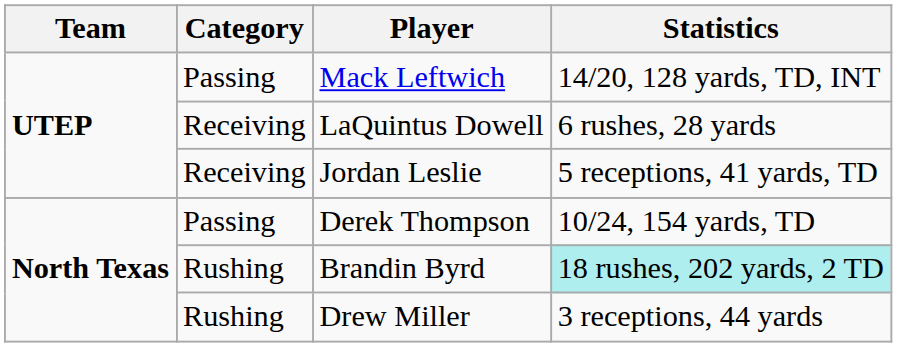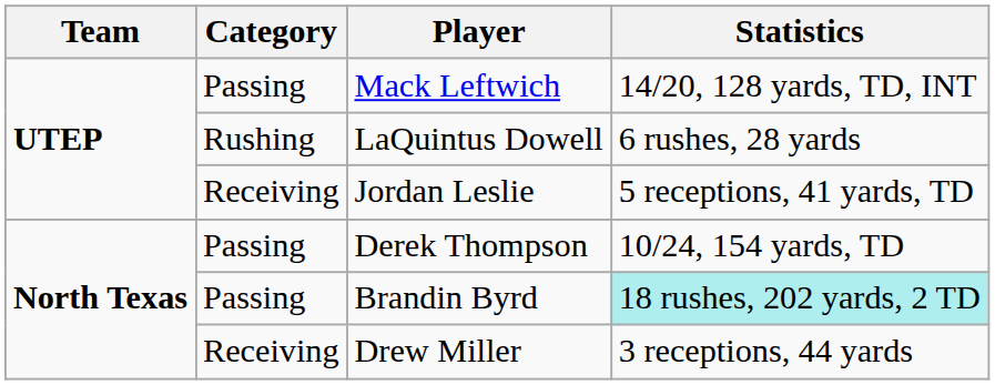 <table class="wikitable" style="float: left;">
 <tr>
 <th>Team</th>
 <th>Category</th>
 <th>Player</th>
 <th>Statistics</th>
 </tr>
 <tr>
 <td rowspan=3><strong>UTEP</strong></td>
 <td>Passing</td>
 <td><a href='#'>Mack Leftwich</a></td>
 <td>14/20, 128 yards, TD, INT</td>
 </tr>
 <tr>
-<td>Receiving</td>
+<td>Rushing</td>
 <td>LaQuintus Dowell</td>
 <td>6 rushes, 28 yards</td>
 </tr>
 <tr>
 <td>Receiving</td>
 <td>Jordan Leslie</td>
 <td>5 receptions, 41 yards, TD</td>
 </tr>
 <tr>
 <td rowspan=3><strong>North Texas</strong></td>
 <td>Passing</td>
 <td>Derek Thompson</td>
 <td>10/24, 154 yards, TD</td>
 </tr>
 <tr>
-<td>Rushing</td>
+<td>Passing</td>
 <td>Brandin Byrd</td>
 <td style="background: paleturquoise;">18 rushes, 202 yards, 2 TD</td>
 </tr>
 <tr>
-<td>Rushing</td>
+<td>Receiving</td>
 <td>Drew Miller</td>
 <td>3 receptions, 44 yards</td>
 </tr>
 </table>
